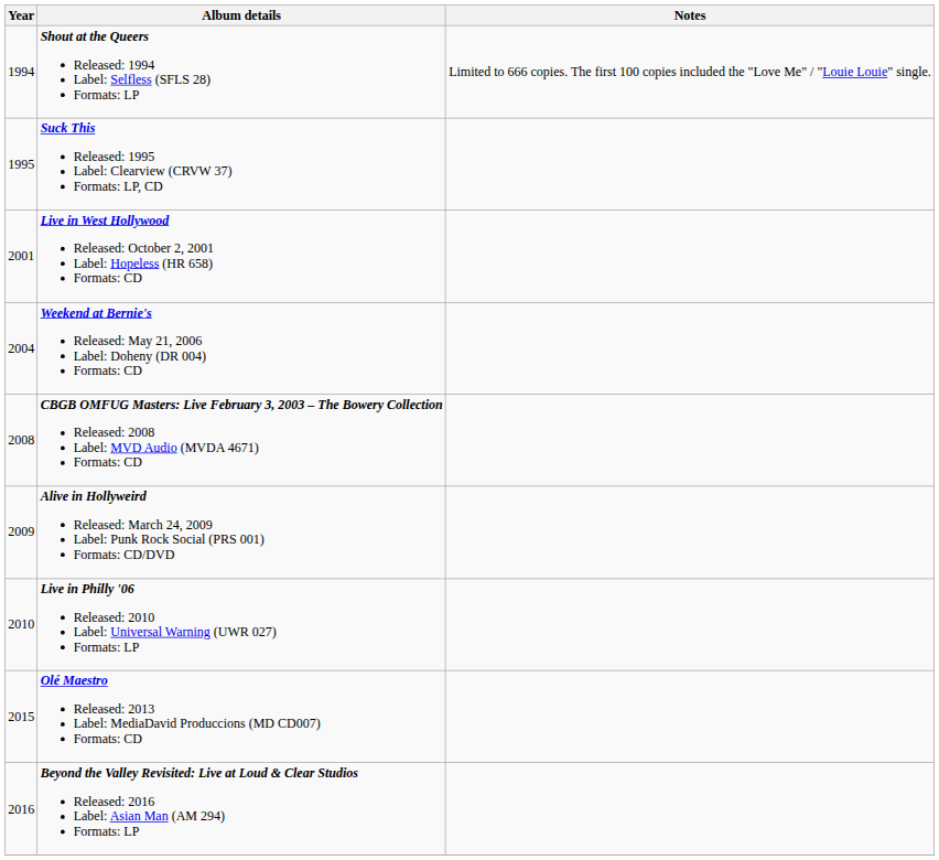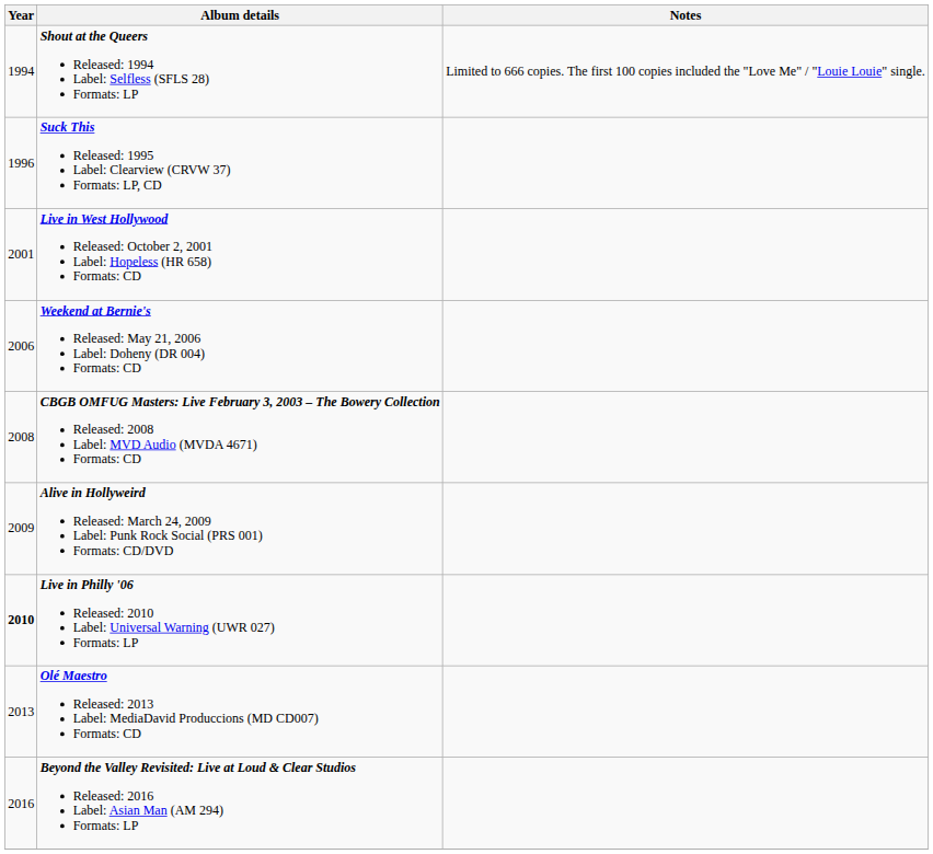 <table class ="wikitable">
 <tr>
 <th>Year</th>
 <th>Album details</th>
 <th>Notes</th>
 </tr>
 <tr>
 <td>1994</td>
 <td><strong><em>Shout at the Queers</em></strong><br><ul><li>Released: 1994</li><li>Label: <a href='#'>Selfless</a> (SFLS 28)</li><li>Formats: LP</li></ul></td>
 <td>Limited to 666 copies. The first 100 copies included the "Love Me" / "<a href='#'>Louie Louie</a>" single.</td>
 </tr>
 <tr>
-<td>1995</td>
+<td>1996</td>
 <td><strong><em><a href='#'>Suck This</a></em></strong><br><ul><li>Released: 1995</li><li>Label: Clearview (CRVW 37)</li><li>Formats: LP, CD</li></ul></td>
 <td></td>
 </tr>
 <tr>
 <td>2001</td>
 <td><strong><em><a href='#'>Live in West Hollywood</a></em></strong><br><ul><li>Released: October 2, 2001</li><li>Label: <a href='#'>Hopeless</a> (HR 658)</li><li>Formats: CD</li></ul></td>
 <td></td>
 </tr>
 <tr>
-<td>2004</td>
+<td>2006</td>
 <td><strong><em><a href='#'>Weekend at Bernie's</a></em></strong><br><ul><li>Released: May 21, 2006</li><li>Label: Doheny (DR 004)</li><li>Formats: CD</li></ul></td>
 <td></td>
 </tr>
 <tr>
 <td>2008</td>
 <td><strong><em>CBGB OMFUG Masters: Live February 3, 2003 – The Bowery Collection</em></strong><br><ul><li>Released: 2008</li><li>Label: <a href='#'>MVD Audio</a> (MVDA 4671)</li><li>Formats: CD</li></ul></td>
 <td></td>
 </tr>
 <tr>
 <td>2009</td>
 <td><strong><em>Alive in Hollyweird</em></strong><br><ul><li>Released: March 24, 2009</li><li>Label: Punk Rock Social (PRS 001)</li><li>Formats: CD/DVD</li></ul></td>
 <td></td>
 </tr>
 <tr>
-<td>2010</td>
+<td><strong>2010</strong></td>
 <td><strong><em>Live in Philly '06</em></strong><br><ul><li>Released: 2010</li><li>Label: <a href='#'>Universal Warning</a> (UWR 027)</li><li>Formats: LP</li></ul></td>
 <td></td>
 </tr>
 <tr>
-<td>2015</td>
+<td>2013</td>
 <td><strong><em><a href='#'>Olé Maestro</a></em></strong><br><ul><li>Released: 2013</li><li>Label: MediaDavid Produccions (MD CD007)</li><li>Formats: CD</li></ul></td>
 <td></td>
 </tr>
 <tr>
 <td>2016</td>
 <td><strong><em>Beyond the Valley Revisited: Live at Loud & Clear Studios</em></strong><br><ul><li>Released: 2016</li><li>Label: <a href='#'>Asian Man</a> (AM 294)</li><li>Formats: LP</li></ul></td>
 <td></td>
 </tr>
 <tr>
 </tr>
 </table>
